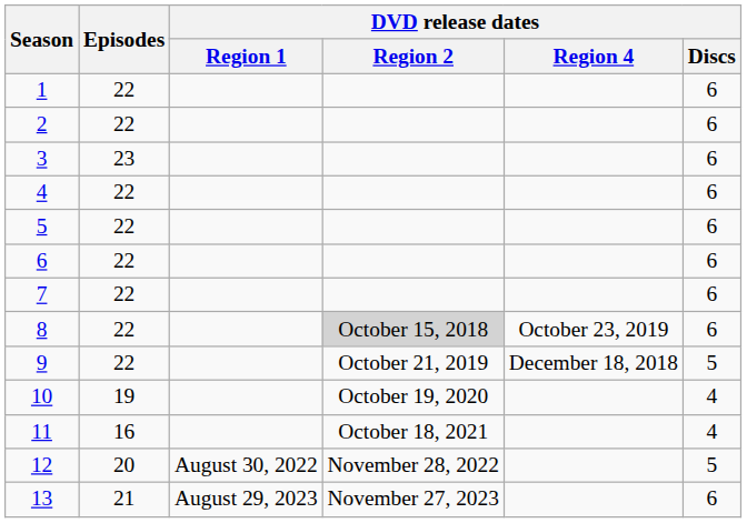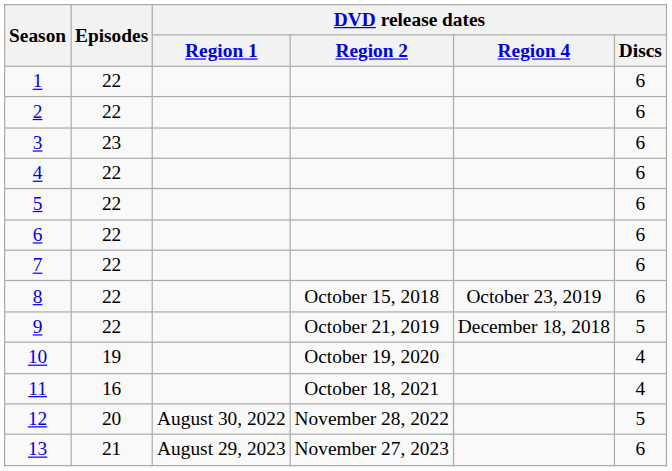 <table class="wikitable plainrowheaders" style="text-align: center;">
 <tr>
 <th scope="col" rowspan=2>Season</th>
 <th scope="col" rowspan=2>Episodes</th>
 <th scope="col" colspan=4><a href='#'>DVD</a> release dates</th>
 </tr>
 <tr>
 <th scope="col"><a href='#'>Region 1</a></th>
 <th scope="col"><a href='#'>Region 2</a></th>
 <th scope="col"><a href='#'>Region 4</a></th>
 <th scope="col">Discs</th>
 </tr>
 <tr>
 <td scope="row"><a href='#'>1</a></td>
 <td>22</td>
 <td></td>
 <td></td>
 <td></td>
 <td>6</td>
 </tr>
 <tr>
 <td scope="row"><a href='#'>2</a></td>
 <td>22</td>
 <td></td>
 <td></td>
 <td></td>
 <td>6</td>
 </tr>
 <tr>
 <td scope="row"><a href='#'>3</a></td>
 <td>23</td>
 <td></td>
 <td></td>
 <td></td>
 <td>6</td>
 </tr>
 <tr>
 <td scope="row"><a href='#'>4</a></td>
 <td>22</td>
 <td></td>
 <td></td>
 <td></td>
 <td>6</td>
 </tr>
 <tr>
 <td scope="row"><a href='#'>5</a></td>
 <td>22</td>
 <td></td>
 <td></td>
 <td></td>
 <td>6</td>
 </tr>
 <tr>
 <td scope="row"><a href='#'>6</a></td>
 <td>22</td>
 <td></td>
 <td></td>
 <td></td>
 <td>6</td>
 </tr>
 <tr>
 <td scope="row"><a href='#'>7</a></td>
 <td>22</td>
 <td></td>
 <td></td>
 <td></td>
 <td>6</td>
 </tr>
 <tr>
 <td scope="row"><a href='#'>8</a></td>
 <td>22</td>
 <td></td>
-<td style="background: lightgrey;">October 15, 2018</td>
+<td>October 15, 2018</td>
 <td>October 23, 2019</td>
 <td>6</td>
 </tr>
 <tr>
 <td scope="row"><a href='#'>9</a></td>
 <td>22</td>
 <td></td>
 <td>October 21, 2019</td>
 <td>December 18, 2018</td>
 <td>5</td>
 </tr>
 <tr>
 <td scope="row"><a href='#'>10</a></td>
 <td>19</td>
 <td></td>
 <td>October 19, 2020</td>
 <td></td>
 <td>4</td>
 </tr>
 <tr>
 <td scope="row"><a href='#'>11</a></td>
 <td>16</td>
 <td></td>
 <td>October 18, 2021</td>
 <td></td>
 <td>4</td>
 </tr>
 <tr>
 <td scope="row"><a href='#'>12</a></td>
 <td>20</td>
 <td>August 30, 2022</td>
 <td>November 28, 2022</td>
 <td></td>
 <td>5</td>
 </tr>
 <tr>
 <td scope="row"><a href='#'>13</a></td>
 <td>21</td>
 <td>August 29, 2023</td>
 <td>November 27, 2023</td>
 <td></td>
 <td>6</td>
 </tr>
 </table>
